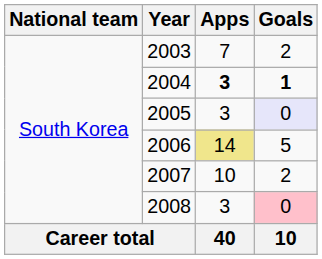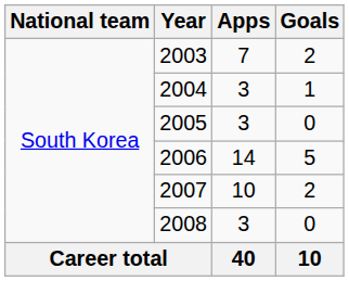 <table class="wikitable" style="text-align:center">
 <tr>
 <th>National team</th>
 <th>Year</th>
 <th>Apps</th>
 <th>Goals</th>
 </tr>
 <tr>
 <td rowspan=6><a href='#'>South Korea</a></td>
 <td>2003</td>
 <td>7</td>
 <td>2</td>
 </tr>
 <tr>
 <td>2004</td>
-<td><strong>3</strong></td>
-<td><strong>1</strong></td>
+<td>3</td>
+<td>1</td>
 </tr>
 <tr>
 <td>2005</td>
 <td>3</td>
-<td style="background: lavender;">0</td>
+<td>0</td>
 </tr>
 <tr>
 <td>2006</td>
-<td style="background: khaki;">14</td>
+<td>14</td>
 <td>5</td>
 </tr>
 <tr>
 <td>2007</td>
 <td>10</td>
 <td>2</td>
 </tr>
 <tr>
 <td>2008</td>
 <td>3</td>
-<td style="background: pink;">0</td>
+<td>0</td>
 </tr>
 <tr>
 <th colspan="2">Career total</th>
 <th>40</th>
 <th>10</th>
 </tr>
 </table>
